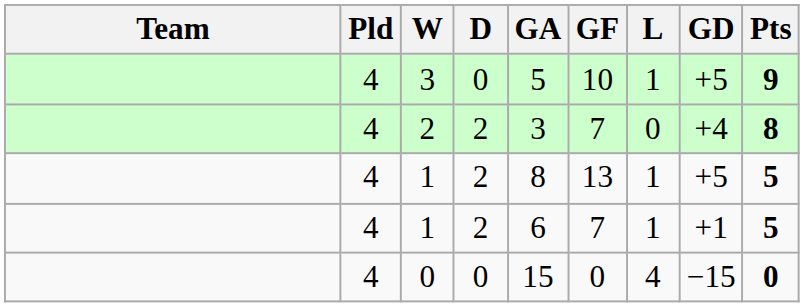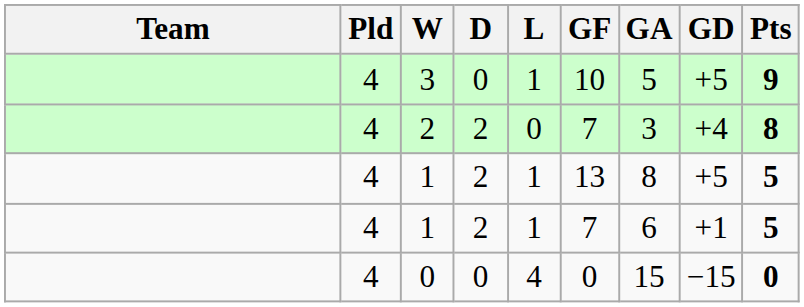 <table class="wikitable" style="text-align: center;">
 <tr>
 <th width=165>Team</th>
 <th width=20>Pld</th>
 <th width=20>W</th>
 <th width=20>D</th>
+<th width=20>L</th>
+<th width=20>GF</th>
 <th width=20>GA</th>
-<th width=20>GF</th>
-<th width=20>L</th>
 <th width=20>GD</th>
 <th width=20>Pts</th>
 </tr>
 <tr bgcolor=ccffcc>
 <td style="text-align:left;"></td>
 <td>4</td>
 <td>3</td>
 <td>0</td>
+<td>1</td>
+<td>10</td>
 <td>5</td>
-<td>10</td>
-<td>1</td>
 <td>+5</td>
 <td><strong>9</strong></td>
 </tr>
 <tr bgcolor=ccffcc>
 <td style="text-align:left;"></td>
 <td>4</td>
 <td>2</td>
 <td>2</td>
+<td>0</td>
+<td>7</td>
 <td>3</td>
-<td>7</td>
-<td>0</td>
 <td>+4</td>
 <td><strong>8</strong></td>
 </tr>
 <tr>
 <td style="text-align:left;"></td>
 <td>4</td>
 <td>1</td>
 <td>2</td>
+<td>1</td>
+<td>13</td>
 <td>8</td>
-<td>13</td>
-<td>1</td>
 <td>+5</td>
 <td><strong>5</strong></td>
 </tr>
 <tr>
 <td style="text-align:left;"></td>
 <td>4</td>
 <td>1</td>
 <td>2</td>
+<td>1</td>
+<td>7</td>
 <td>6</td>
-<td>7</td>
-<td>1</td>
 <td>+1</td>
 <td><strong>5</strong></td>
 </tr>
 <tr>
 <td style="text-align:left;"></td>
 <td>4</td>
 <td>0</td>
 <td>0</td>
+<td>4</td>
+<td>0</td>
 <td>15</td>
-<td>0</td>
-<td>4</td>
 <td>−15</td>
 <td><strong>0</strong></td>
 </tr>
 </table>
